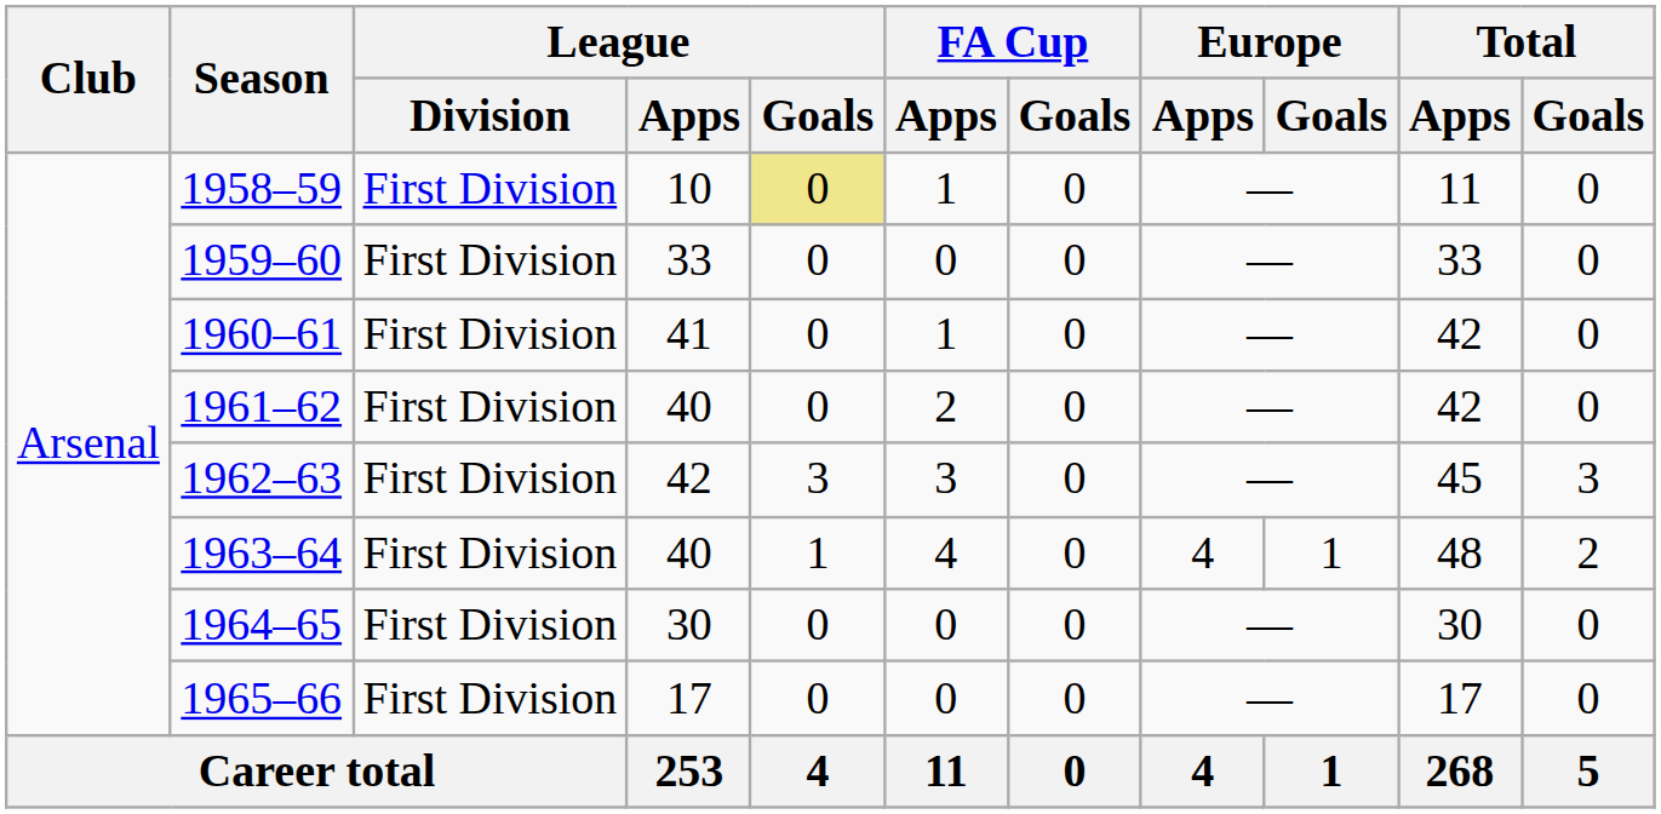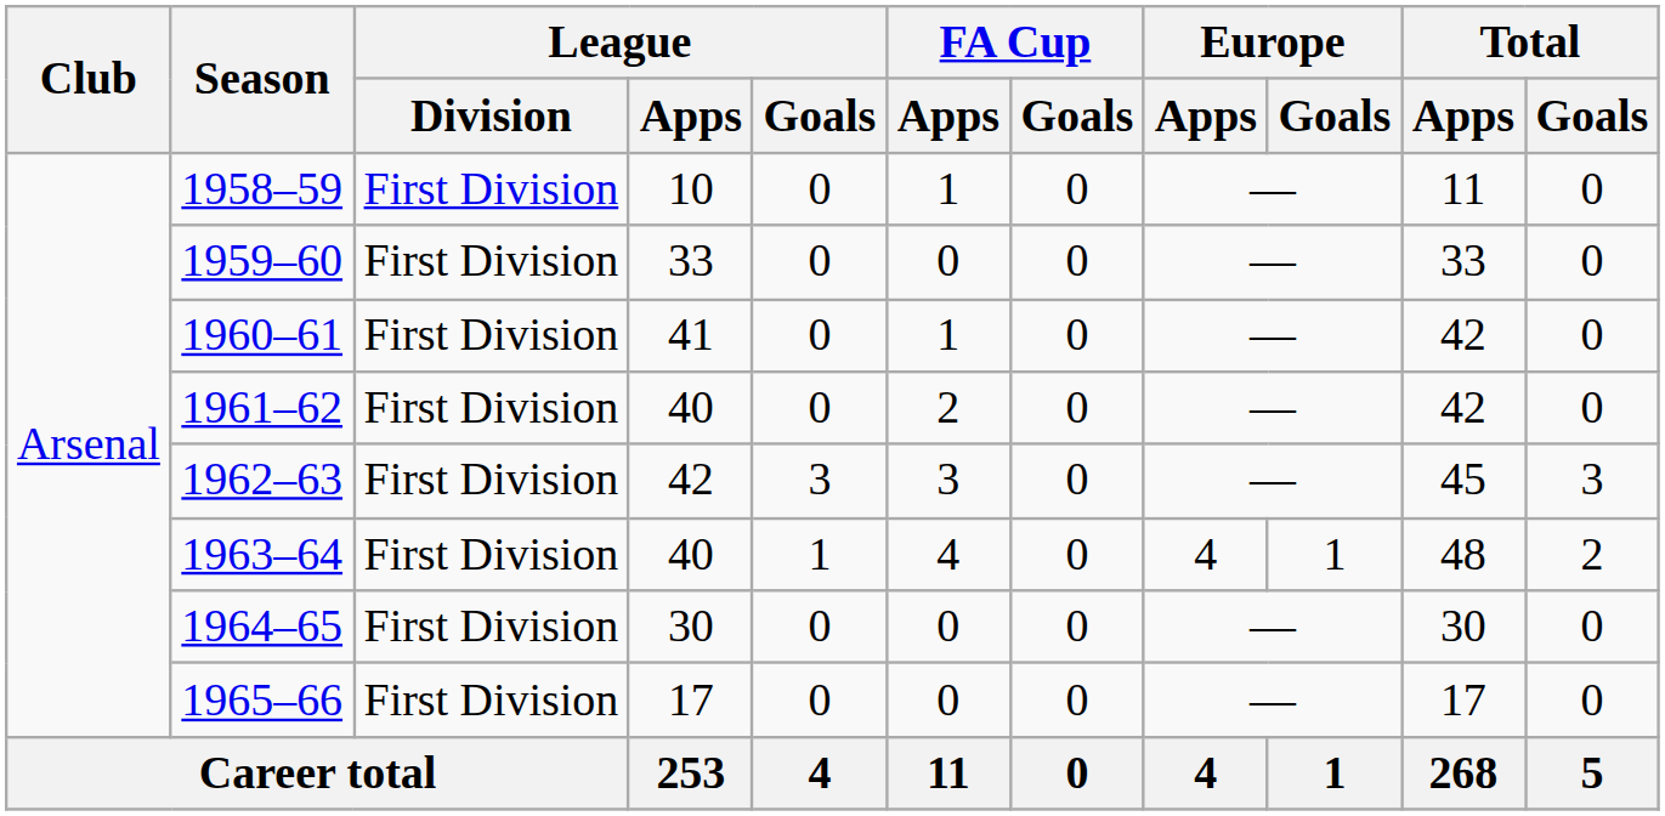 <table class="wikitable" style="text-align: center;">
 <tr>
 <th rowspan="2">Club</th>
 <th rowspan="2">Season</th>
 <th colspan="3">League</th>
 <th colspan="2"><a href='#'>FA Cup</a></th>
 <th colspan="2">Europe</th>
 <th colspan="2">Total</th>
 </tr>
 <tr>
 <th>Division</th>
 <th>Apps</th>
 <th>Goals</th>
 <th>Apps</th>
 <th>Goals</th>
 <th>Apps</th>
 <th>Goals</th>
 <th>Apps</th>
 <th>Goals</th>
 </tr>
 <tr>
 <td rowspan="8"><a href='#'>Arsenal</a></td>
 <td><a href='#'>1958–59</a></td>
 <td><a href='#'>First Division</a></td>
 <td>10</td>
-<td style="background: khaki;">0</td>
+<td>0</td>
 <td>1</td>
 <td>0</td>
 <td colspan="2">—</td>
 <td>11</td>
 <td>0</td>
 </tr>
 <tr>
 <td><a href='#'>1959–60</a></td>
 <td>First Division</td>
 <td>33</td>
 <td>0</td>
 <td>0</td>
 <td>0</td>
 <td colspan="2">—</td>
 <td>33</td>
 <td>0</td>
 </tr>
 <tr>
 <td><a href='#'>1960–61</a></td>
 <td>First Division</td>
 <td>41</td>
 <td>0</td>
 <td>1</td>
 <td>0</td>
 <td colspan="2">—</td>
 <td>42</td>
 <td>0</td>
 </tr>
 <tr>
 <td><a href='#'>1961–62</a></td>
 <td>First Division</td>
 <td>40</td>
 <td>0</td>
 <td>2</td>
 <td>0</td>
 <td colspan="2">—</td>
 <td>42</td>
 <td>0</td>
 </tr>
 <tr>
 <td><a href='#'>1962–63</a></td>
 <td>First Division</td>
 <td>42</td>
 <td>3</td>
 <td>3</td>
 <td>0</td>
 <td colspan="2">—</td>
 <td>45</td>
 <td>3</td>
 </tr>
 <tr>
 <td><a href='#'>1963–64</a></td>
 <td>First Division</td>
 <td>40</td>
 <td>1</td>
 <td>4</td>
 <td>0</td>
 <td>4</td>
 <td>1</td>
 <td>48</td>
 <td>2</td>
 </tr>
 <tr>
 <td><a href='#'>1964–65</a></td>
 <td>First Division</td>
 <td>30</td>
 <td>0</td>
 <td>0</td>
 <td>0</td>
 <td colspan="2">—</td>
 <td>30</td>
 <td>0</td>
 </tr>
 <tr>
 <td><a href='#'>1965–66</a></td>
 <td>First Division</td>
 <td>17</td>
 <td>0</td>
 <td>0</td>
 <td>0</td>
 <td colspan="2">—</td>
 <td>17</td>
 <td>0</td>
 </tr>
 <tr>
 <th colspan="3">Career total</th>
 <th>253</th>
 <th>4</th>
 <th>11</th>
 <th>0</th>
 <th>4</th>
 <th>1</th>
 <th>268</th>
 <th>5</th>
 </tr>
 </table>
